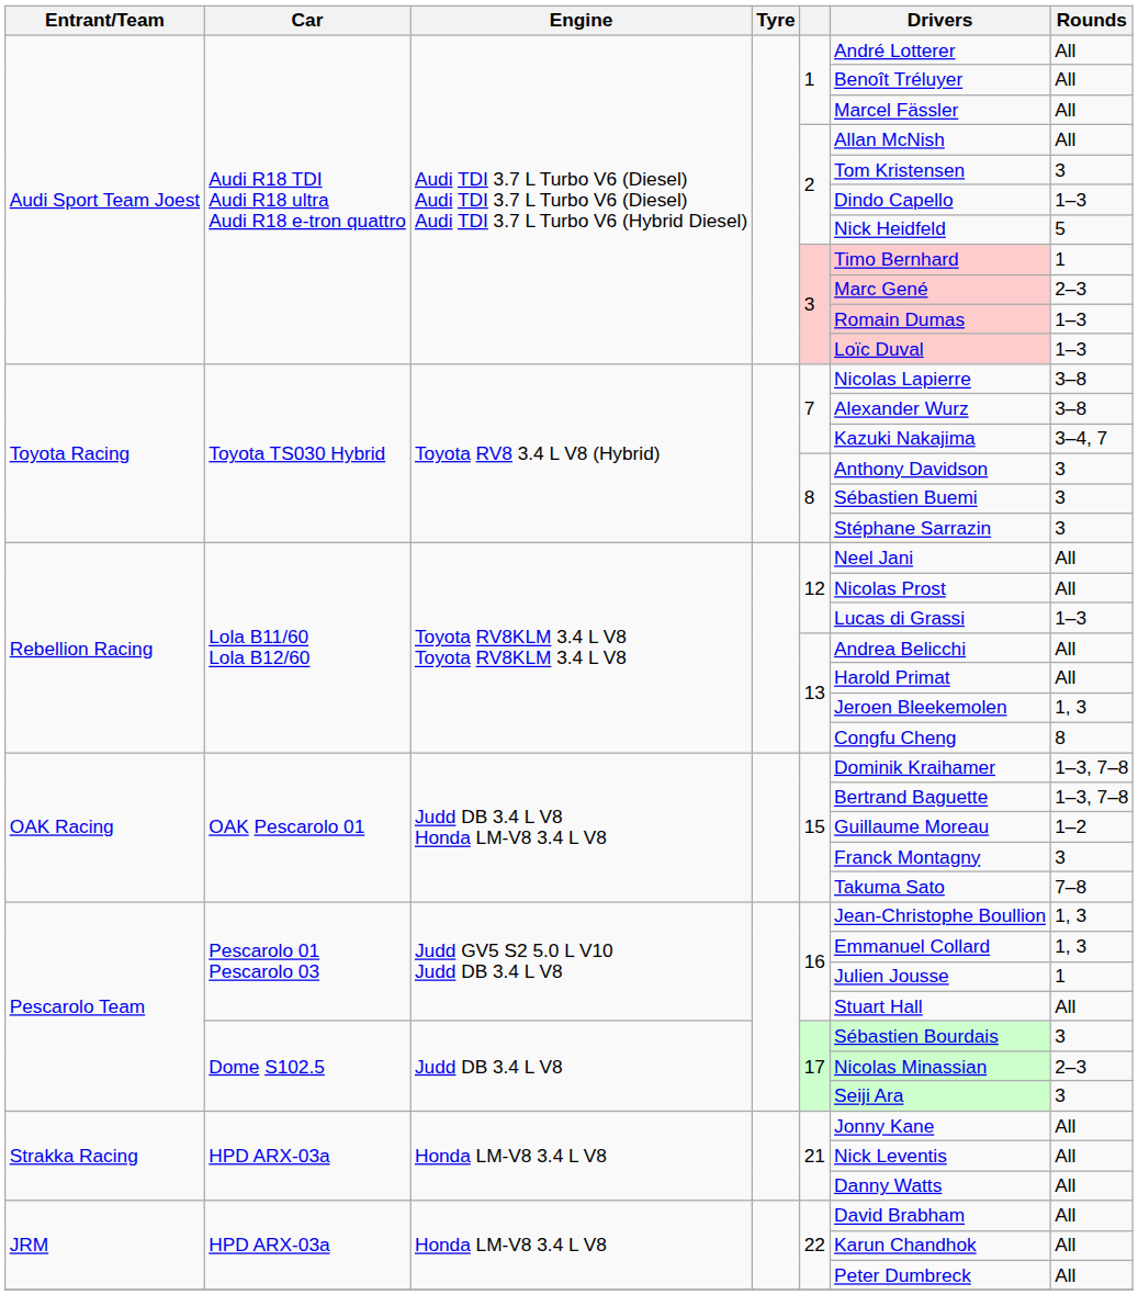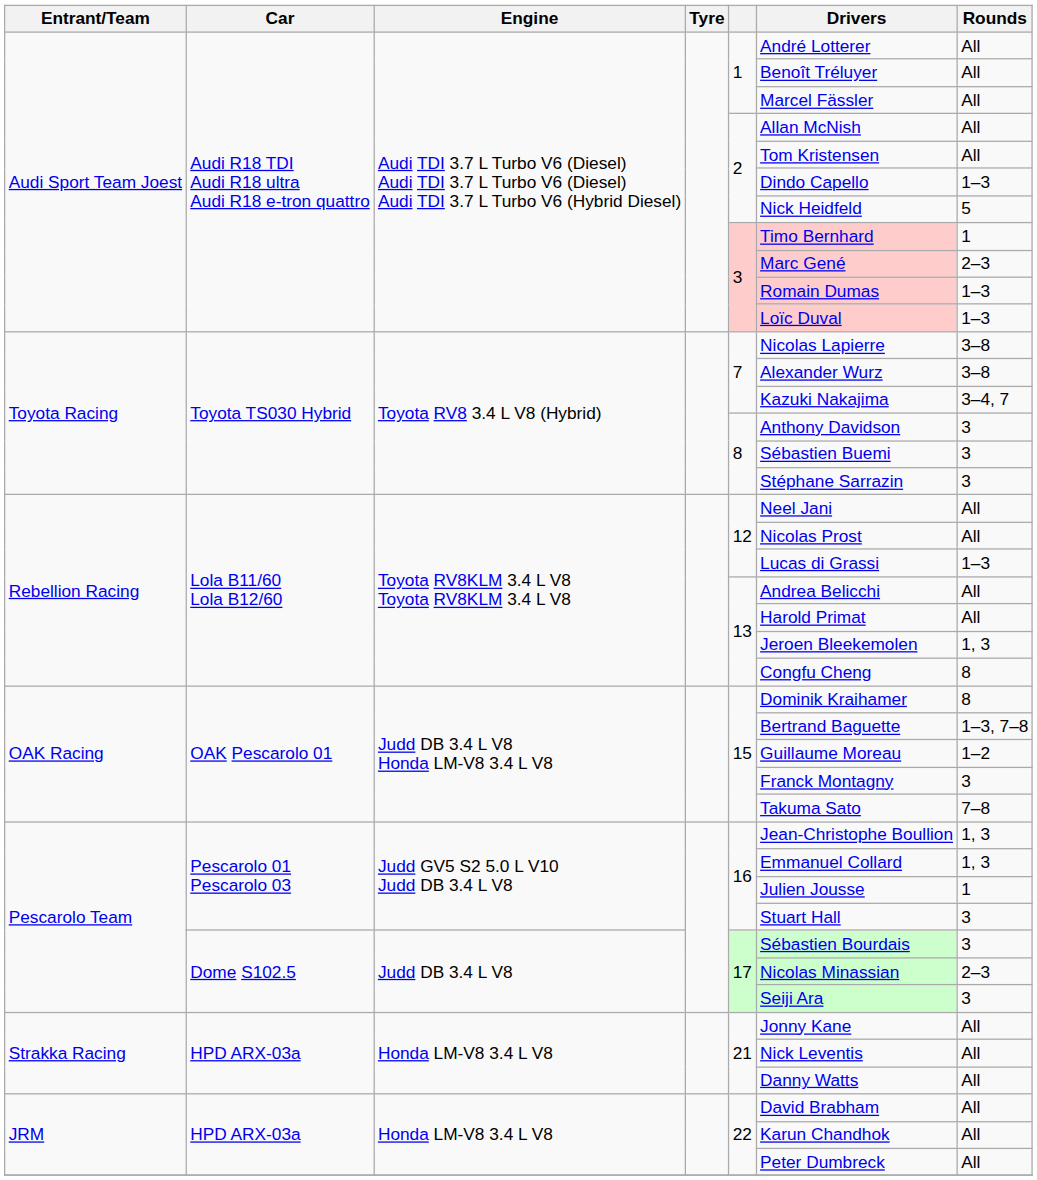 <table align="left" class="wikitable" style="font-size: 85%">
 <tr>
 <th>Entrant/Team</th>
 <th>Car</th>
 <th>Engine</th>
 <th>Tyre</th>
 <th></th>
 <th>Drivers</th>
 <th>Rounds</th>
 </tr>
 <tr>
 <td rowspan=11> <a href='#'>Audi Sport Team Joest</a></td>
 <td rowspan=11><a href='#'>Audi R18 TDI</a><br><a href='#'>Audi R18 ultra</a><br><a href='#'>Audi R18 e-tron quattro</a></td>
 <td rowspan=11><a href='#'>Audi</a> <a href='#'>TDI</a> 3.7 L Turbo V6 (Diesel)<br><a href='#'>Audi</a> <a href='#'>TDI</a> 3.7 L Turbo V6 (Diesel)<br><a href='#'>Audi</a> <a href='#'>TDI</a> 3.7 L Turbo V6 (Hybrid Diesel)</td>
 <td rowspan=11></td>
 <td rowspan=3>1</td>
 <td> <a href='#'>André Lotterer</a></td>
 <td>All</td>
 </tr>
 <tr>
 <td> <a href='#'>Benoît Tréluyer</a></td>
 <td>All</td>
 </tr>
 <tr>
 <td> <a href='#'>Marcel Fässler</a></td>
 <td>All</td>
 </tr>
 <tr>
 <td rowspan=4>2</td>
 <td> <a href='#'>Allan McNish</a></td>
 <td>All</td>
 </tr>
 <tr>
 <td> <a href='#'>Tom Kristensen</a></td>
-<td>3</td>
+<td>All</td>
 </tr>
 <tr>
 <td> <a href='#'>Dindo Capello</a></td>
 <td>1–3</td>
 </tr>
 <tr>
 <td> <a href='#'>Nick Heidfeld</a></td>
 <td>5</td>
 </tr>
 <tr>
 <td rowspan=4 style="background:#ffcccc;">3</td>
 <td style="background:#ffcccc;"> <a href='#'>Timo Bernhard</a></td>
 <td>1</td>
 </tr>
 <tr>
 <td style="background:#ffcccc;"> <a href='#'>Marc Gené</a></td>
 <td>2–3</td>
 </tr>
 <tr>
 <td style="background:#ffcccc;"> <a href='#'>Romain Dumas</a></td>
 <td>1–3</td>
 </tr>
 <tr>
 <td style="background:#ffcccc;"> <a href='#'>Loïc Duval</a></td>
 <td>1–3</td>
 </tr>
 <tr>
 <td rowspan=6> <a href='#'>Toyota Racing</a></td>
 <td rowspan=6><a href='#'>Toyota TS030 Hybrid</a></td>
 <td rowspan=6><a href='#'>Toyota</a> <a href='#'>RV8</a> 3.4 L V8 (Hybrid)</td>
 <td rowspan=6></td>
 <td rowspan=3>7</td>
 <td> <a href='#'>Nicolas Lapierre</a></td>
 <td>3–8</td>
 </tr>
 <tr>
 <td> <a href='#'>Alexander Wurz</a></td>
 <td>3–8</td>
 </tr>
 <tr>
 <td> <a href='#'>Kazuki Nakajima</a></td>
 <td>3–4, 7</td>
 </tr>
 <tr>
 <td rowspan=3>8</td>
 <td> <a href='#'>Anthony Davidson</a></td>
 <td>3</td>
 </tr>
 <tr>
 <td> <a href='#'>Sébastien Buemi</a></td>
 <td>3</td>
 </tr>
 <tr>
 <td> <a href='#'>Stéphane Sarrazin</a></td>
 <td>3</td>
 </tr>
 <tr>
 <td rowspan=7> <a href='#'>Rebellion Racing</a></td>
 <td rowspan=7><a href='#'>Lola B11/60</a><br><a href='#'>Lola B12/60</a></td>
 <td rowspan=7><a href='#'>Toyota</a> <a href='#'>RV8KLM</a> 3.4 L V8<br><a href='#'>Toyota</a> <a href='#'>RV8KLM</a> 3.4 L V8</td>
 <td rowspan=7></td>
 <td rowspan=3>12</td>
 <td> <a href='#'>Neel Jani</a></td>
 <td>All</td>
 </tr>
 <tr>
 <td> <a href='#'>Nicolas Prost</a></td>
 <td>All</td>
 </tr>
 <tr>
 <td> <a href='#'>Lucas di Grassi</a></td>
 <td>1–3</td>
 </tr>
 <tr>
 <td rowspan=4>13</td>
 <td> <a href='#'>Andrea Belicchi</a></td>
 <td>All</td>
 </tr>
 <tr>
 <td> <a href='#'>Harold Primat</a></td>
 <td>All</td>
 </tr>
 <tr>
 <td> <a href='#'>Jeroen Bleekemolen</a></td>
 <td>1, 3</td>
 </tr>
 <tr>
 <td> <a href='#'>Congfu Cheng</a></td>
 <td>8</td>
 </tr>
 <tr>
 <td rowspan=5> <a href='#'>OAK Racing</a></td>
 <td rowspan=5><a href='#'>OAK</a> <a href='#'>Pescarolo 01</a></td>
 <td rowspan=5><a href='#'>Judd</a> DB 3.4 L V8<br><a href='#'>Honda</a> LM-V8 3.4 L V8</td>
 <td rowspan=5></td>
 <td rowspan=5>15</td>
 <td> <a href='#'>Dominik Kraihamer</a></td>
-<td>1–3, 7–8</td>
+<td>8</td>
 </tr>
 <tr>
 <td> <a href='#'>Bertrand Baguette</a></td>
 <td>1–3, 7–8</td>
 </tr>
 <tr>
 <td> <a href='#'>Guillaume Moreau</a></td>
 <td>1–2</td>
 </tr>
 <tr>
 <td> <a href='#'>Franck Montagny</a></td>
 <td>3</td>
 </tr>
 <tr>
 <td> <a href='#'>Takuma Sato</a></td>
 <td>7–8</td>
 </tr>
 <tr>
 <td rowspan=7> <a href='#'>Pescarolo Team</a></td>
 <td rowspan=4><a href='#'>Pescarolo 01</a><br><a href='#'>Pescarolo 03</a></td>
 <td rowspan=4><a href='#'>Judd</a> GV5 S2 5.0 L V10<br><a href='#'>Judd</a> DB 3.4 L V8</td>
 <td rowspan=7></td>
 <td rowspan=4>16</td>
 <td> <a href='#'>Jean-Christophe Boullion</a></td>
 <td>1, 3</td>
 </tr>
 <tr>
 <td> <a href='#'>Emmanuel Collard</a></td>
 <td>1, 3</td>
 </tr>
 <tr>
 <td> <a href='#'>Julien Jousse</a></td>
 <td>1</td>
 </tr>
 <tr>
 <td> <a href='#'>Stuart Hall</a></td>
-<td>All</td>
+<td>3</td>
 </tr>
 <tr>
 <td rowspan=3><a href='#'>Dome</a> <a href='#'>S102.5</a></td>
 <td rowspan=3><a href='#'>Judd</a> DB 3.4 L V8</td>
 <td rowspan=3 style="background:#ccffcc;">17</td>
 <td style="background:#ccffcc;"> <a href='#'>Sébastien Bourdais</a></td>
 <td>3</td>
 </tr>
 <tr>
 <td style="background:#ccffcc;"> <a href='#'>Nicolas Minassian</a></td>
 <td>2–3</td>
 </tr>
 <tr>
 <td style="background:#ccffcc;"> <a href='#'>Seiji Ara</a></td>
 <td>3</td>
 </tr>
 <tr>
 <td rowspan=3> <a href='#'>Strakka Racing</a></td>
 <td rowspan=3><a href='#'>HPD ARX-03a</a></td>
 <td rowspan=3><a href='#'>Honda</a> LM-V8 3.4 L V8</td>
 <td rowspan=3></td>
 <td rowspan=3>21</td>
 <td> <a href='#'>Jonny Kane</a></td>
 <td>All</td>
 </tr>
 <tr>
 <td> <a href='#'>Nick Leventis</a></td>
 <td>All</td>
 </tr>
 <tr>
 <td> <a href='#'>Danny Watts</a></td>
 <td>All</td>
 </tr>
 <tr>
 <td rowspan=3> <a href='#'>JRM</a></td>
 <td rowspan=3><a href='#'>HPD ARX-03a</a></td>
 <td rowspan=3><a href='#'>Honda</a> LM-V8 3.4 L V8</td>
 <td rowspan=3></td>
 <td rowspan=3>22</td>
 <td> <a href='#'>David Brabham</a></td>
 <td>All</td>
 </tr>
 <tr>
 <td> <a href='#'>Karun Chandhok</a></td>
 <td>All</td>
 </tr>
 <tr>
 <td> <a href='#'>Peter Dumbreck</a></td>
 <td>All</td>
 </tr>
 <tr>
 </tr>
 </table>
